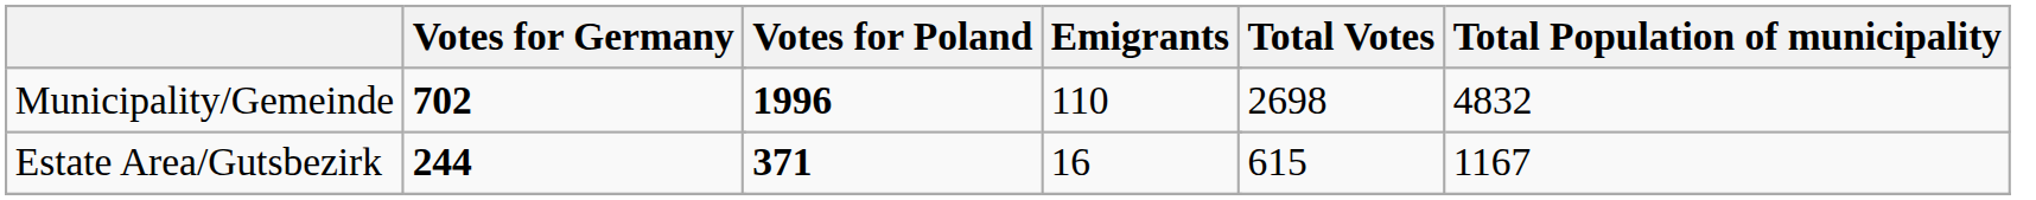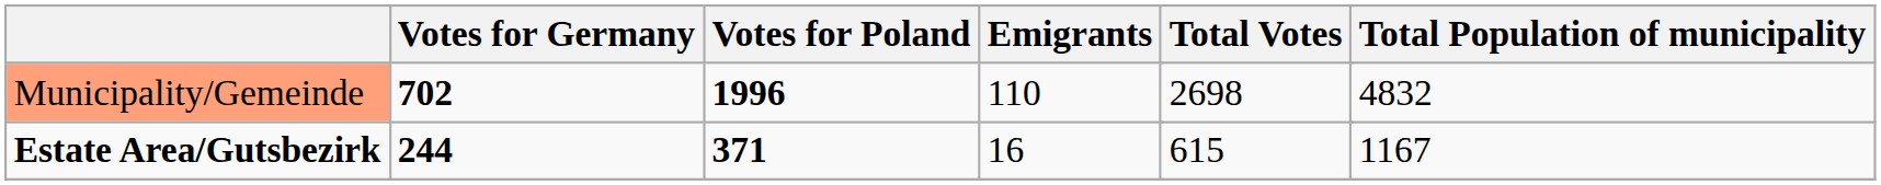 <table class="wikitable">
 <tr>
 <th> </th>
 <th colspan=2>Votes for Germany</th>
 <th colspan=3>Votes for Poland</th>
 <th colspan=4>Emigrants</th>
 <th colspan=5>Total Votes</th>
 <th colspan=6>Total Population of municipality</th>
 </tr>
 <tr>
-<td>Municipality/Gemeinde</td>
+<td style="background: lightsalmon;">Municipality/Gemeinde</td>
 <td colspan=2><strong>702</strong></td>
 <td colspan=3><strong>1996</strong></td>
 <td colspan=4>110</td>
 <td colspan=5>2698</td>
 <td colspan=6>4832</td>
 </tr>
 <tr>
-<td>Estate Area/Gutsbezirk</td>
+<td><strong>Estate Area/Gutsbezirk</strong></td>
 <td colspan=2><strong>244</strong></td>
 <td colspan=3><strong>371</strong></td>
 <td colspan=4>16</td>
 <td colspan=5>615</td>
 <td colspan=6>1167</td>
 </tr>
 <tr>
 </tr>
 </table>
